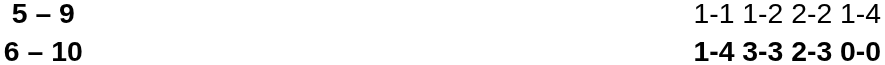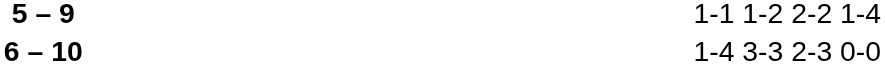 <table width=100% cellspacing=1>
 <tr>
 <th width=20%></th>
 <th width=12%></th>
 <th width=20%></th>
 <th width=33%></th>
 <td></td>
 </tr>
 <tr style=font-size:90%>
 <td align=right></td>
 <td align=center><strong>5 – 9</strong></td>
 <td><strong></strong></td>
 <td>1-1 1-2 2-2 1-4</td>
 <td></td>
 </tr>
 <tr style=font-size:90%>
 <td align=right></td>
 <td align=center><strong>6 – 10</strong></td>
 <td><strong></strong></td>
-<td><strong>1-4 3-3 2-3 0-0</strong></td>
+<td>1-4 3-3 2-3 0-0</td>
 </tr>
 </table>
